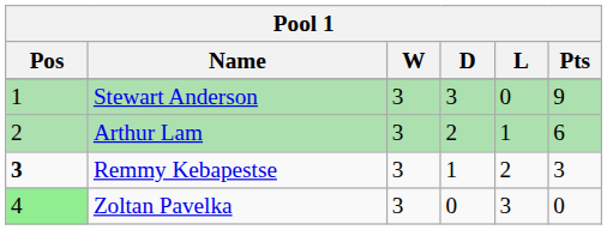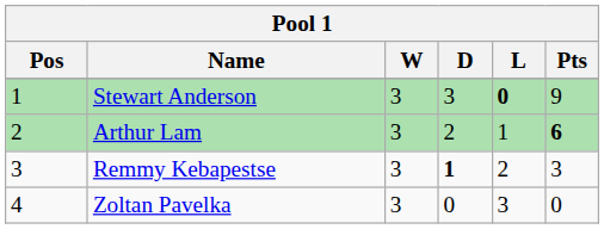 <table class="wikitable">
 <tr>
 <th colspan="6">Pool 1</th>
 </tr>
 <tr>
 <th width=50>Pos</th>
 <th width=200>Name</th>
 <th width=30>W</th>
 <th width=30>D</th>
 <th width=30>L</th>
 <th width=30>Pts</th>
 </tr>
 <tr>
 </tr>
 <tr style="background:#ACE1AF;">
 <td>1</td>
 <td> <a href='#'>Stewart Anderson</a></td>
 <td>3</td>
 <td>3</td>
-<td>0</td>
+<td><strong>0</strong></td>
 <td>9</td>
 </tr>
 <tr style="background:#ACE1AF;">
 <td>2</td>
 <td> <a href='#'>Arthur Lam</a></td>
 <td>3</td>
 <td>2</td>
 <td>1</td>
-<td>6</td>
+<td><strong>6</strong></td>
 </tr>
 <tr>
-<td><strong>3</strong></td>
+<td>3</td>
 <td> <a href='#'>Remmy Kebapestse</a></td>
 <td>3</td>
-<td>1</td>
+<td><strong>1</strong></td>
 <td>2</td>
 <td>3</td>
 </tr>
 <tr>
-<td style="background: lightgreen;">4</td>
+<td>4</td>
 <td> <a href='#'>Zoltan Pavelka</a></td>
 <td>3</td>
 <td>0</td>
 <td>3</td>
 <td>0</td>
 </tr>
 </table>
